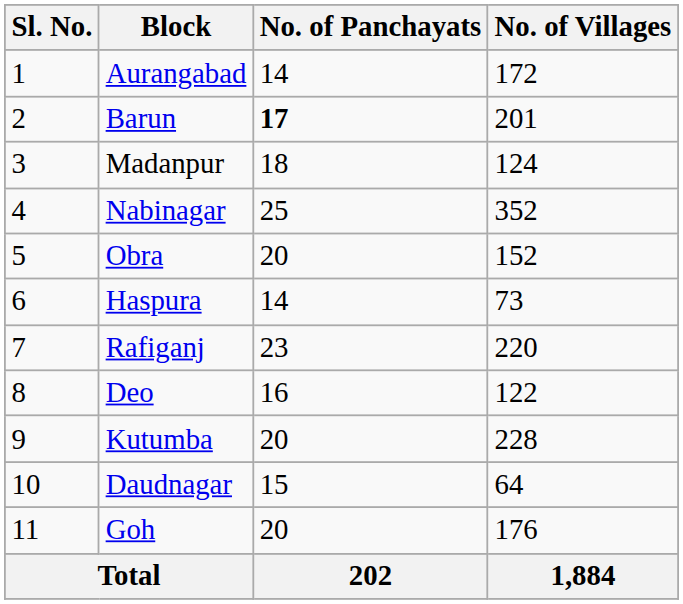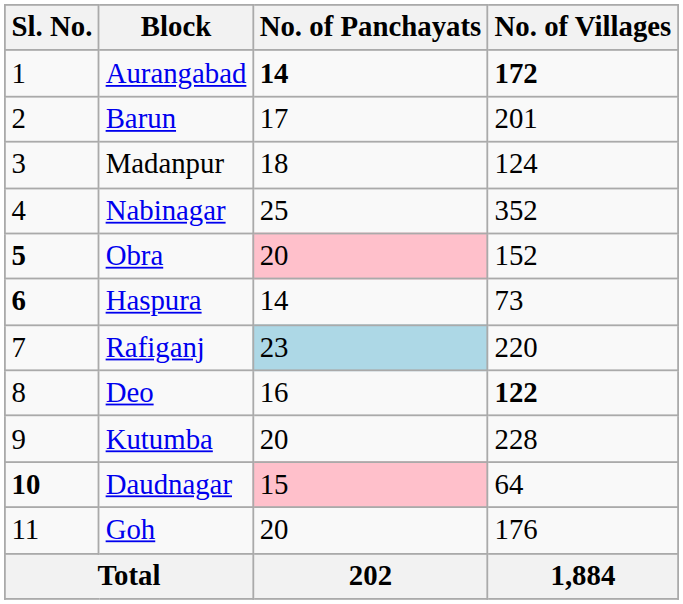 <table class="wikitable sortable">
 <tr>
 <th>Sl. No.</th>
 <th>Block</th>
 <th>No. of Panchayats</th>
 <th>No. of Villages</th>
 </tr>
 <tr>
 <td>1</td>
 <td><a href='#'>Aurangabad</a></td>
-<td>14</td>
-<td>172</td>
+<td><strong>14</strong></td>
+<td><strong>172</strong></td>
 </tr>
 <tr>
 <td>2</td>
 <td><a href='#'>Barun</a></td>
-<td><strong>17</strong></td>
+<td>17</td>
 <td>201</td>
 </tr>
 <tr>
 <td>3</td>
 <td>Madanpur</td>
 <td>18</td>
 <td>124</td>
 </tr>
 <tr>
 <td>4</td>
 <td><a href='#'>Nabinagar</a></td>
 <td>25</td>
 <td>352</td>
 </tr>
 <tr>
-<td>5</td>
+<td><strong>5</strong></td>
 <td><a href='#'>Obra</a></td>
-<td>20</td>
+<td style="background: pink;">20</td>
 <td>152</td>
 </tr>
 <tr>
-<td>6</td>
+<td><strong>6</strong></td>
 <td><a href='#'>Haspura</a></td>
 <td>14</td>
 <td>73</td>
 </tr>
 <tr>
 <td>7</td>
 <td><a href='#'>Rafiganj</a></td>
-<td>23</td>
+<td style="background: lightblue;">23</td>
 <td>220</td>
 </tr>
 <tr>
 <td>8</td>
 <td><a href='#'>Deo</a></td>
 <td>16</td>
-<td>122</td>
+<td><strong>122</strong></td>
 </tr>
 <tr>
 <td>9</td>
 <td><a href='#'>Kutumba</a></td>
 <td>20</td>
 <td>228</td>
 </tr>
 <tr>
-<td>10</td>
+<td><strong>10</strong></td>
 <td><a href='#'>Daudnagar</a></td>
-<td>15</td>
+<td style="background: pink;">15</td>
 <td>64</td>
 </tr>
 <tr>
 <td>11</td>
 <td><a href='#'>Goh</a></td>
 <td>20</td>
 <td>176</td>
 </tr>
 <tr>
 <th colspan="2"><strong>Total</strong></th>
 <th><strong>202</strong></th>
 <th><strong>1,884</strong></th>
 </tr>
 </table>
